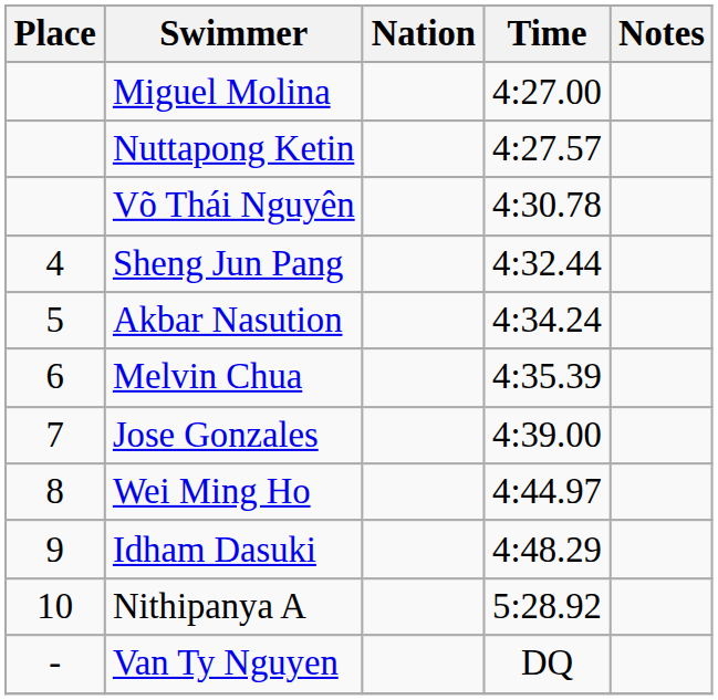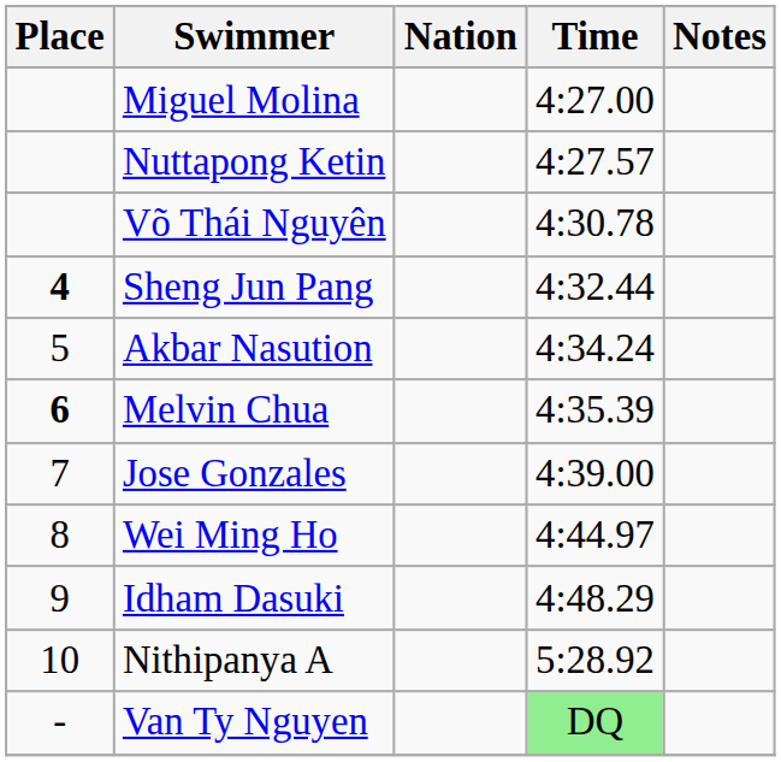 <table class="wikitable sortable" style="text-align:center">
 <tr>
 <th>Place</th>
 <th>Swimmer</th>
 <th>Nation</th>
 <th>Time</th>
 <th>Notes</th>
 </tr>
 <tr>
 <td></td>
 <td align=left><a href='#'>Miguel Molina</a></td>
 <td align=left></td>
 <td>4:27.00</td>
 <td></td>
 </tr>
 <tr>
 <td></td>
 <td align=left><a href='#'>Nuttapong Ketin</a></td>
 <td align=left></td>
 <td>4:27.57</td>
 <td></td>
 </tr>
 <tr>
 <td></td>
 <td align=left><a href='#'>Võ Thái Nguyên</a></td>
 <td align=left></td>
 <td>4:30.78</td>
 <td></td>
 </tr>
 <tr>
-<td>4</td>
+<td><strong>4</strong></td>
 <td align=left><a href='#'>Sheng Jun Pang</a></td>
 <td align=left></td>
 <td>4:32.44</td>
 <td></td>
 </tr>
 <tr>
 <td>5</td>
 <td align=left><a href='#'>Akbar Nasution</a></td>
 <td align=left></td>
 <td>4:34.24</td>
 <td></td>
 </tr>
 <tr>
-<td>6</td>
+<td><strong>6</strong></td>
 <td align=left><a href='#'>Melvin Chua</a></td>
 <td align=left></td>
 <td>4:35.39</td>
 <td></td>
 </tr>
 <tr>
 <td>7</td>
 <td align=left><a href='#'>Jose Gonzales</a></td>
 <td align=left></td>
 <td>4:39.00</td>
 <td></td>
 </tr>
 <tr>
 <td>8</td>
 <td align=left><a href='#'>Wei Ming Ho</a></td>
 <td align=left></td>
 <td>4:44.97</td>
 <td></td>
 </tr>
 <tr>
 <td>9</td>
 <td align=left><a href='#'>Idham Dasuki</a></td>
 <td align=left></td>
 <td>4:48.29</td>
 <td></td>
 </tr>
 <tr>
 <td>10</td>
 <td align=left>Nithipanya A</td>
 <td align=left></td>
 <td>5:28.92</td>
 <td></td>
 </tr>
 <tr>
 <td>-</td>
 <td align=left><a href='#'>Van Ty Nguyen</a></td>
 <td align=left></td>
-<td>DQ</td>
+<td style="background: lightgreen;">DQ</td>
 <td></td>
 </tr>
 <tr>
 </tr>
 </table>
